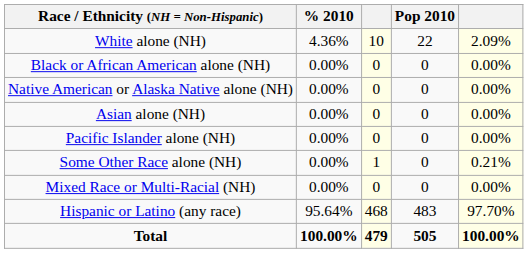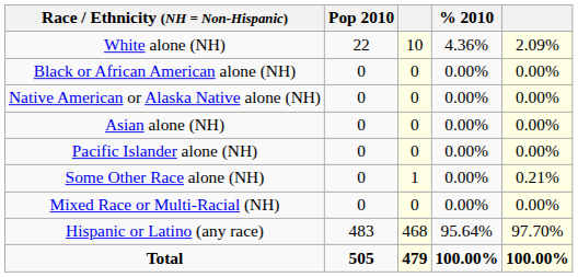 <table class="wikitable" style="text-align:center;">
 <tr>
 <th>Race / Ethnicity <small>(<em>NH = Non-Hispanic</em>)</small></th>
+<th>Pop 2010</th>
+<th></th>
 <th>% 2010</th>
-<th></th>
-<th>Pop 2010</th>
 <th></th>
 </tr>
 <tr>
 <td><a href='#'>White</a> alone (NH)</td>
+<td>22</td>
+<td style='background: #ffffe6;'>10</td>
 <td>4.36%</td>
-<td style='background: #ffffe6;'>10</td>
-<td>22</td>
 <td style='background: #ffffe6;'>2.09%</td>
 </tr>
 <tr>
 <td><a href='#'>Black or African American</a> alone (NH)</td>
+<td>0</td>
+<td style='background: #ffffe6;'>0</td>
 <td>0.00%</td>
-<td style='background: #ffffe6;'>0</td>
-<td>0</td>
 <td style='background: #ffffe6;'>0.00%</td>
 </tr>
 <tr>
 <td><a href='#'>Native American</a> or <a href='#'>Alaska Native</a> alone (NH)</td>
+<td>0</td>
+<td style='background: #ffffe6;'>0</td>
 <td>0.00%</td>
-<td style='background: #ffffe6;'>0</td>
-<td>0</td>
 <td style='background: #ffffe6;'>0.00%</td>
 </tr>
 <tr>
 <td><a href='#'>Asian</a> alone (NH)</td>
+<td>0</td>
+<td style='background: #ffffe6;'>0</td>
 <td>0.00%</td>
-<td style='background: #ffffe6;'>0</td>
-<td>0</td>
 <td style='background: #ffffe6;'>0.00%</td>
 </tr>
 <tr>
 <td><a href='#'>Pacific Islander</a> alone (NH)</td>
+<td>0</td>
+<td style='background: #ffffe6;'>0</td>
 <td>0.00%</td>
-<td style='background: #ffffe6;'>0</td>
-<td>0</td>
 <td style='background: #ffffe6;'>0.00%</td>
 </tr>
 <tr>
 <td><a href='#'>Some Other Race</a> alone (NH)</td>
+<td>0</td>
+<td style='background: #ffffe6;'>1</td>
 <td>0.00%</td>
-<td style='background: #ffffe6;'>1</td>
-<td>0</td>
 <td style='background: #ffffe6;'>0.21%</td>
 </tr>
 <tr>
 <td><a href='#'>Mixed Race or Multi-Racial</a> (NH)</td>
+<td>0</td>
+<td style='background: #ffffe6;'>0</td>
 <td>0.00%</td>
-<td style='background: #ffffe6;'>0</td>
-<td>0</td>
 <td style='background: #ffffe6;'>0.00%</td>
 </tr>
 <tr>
 <td><a href='#'>Hispanic or Latino</a> (any race)</td>
+<td>483</td>
+<td style='background: #ffffe6;'>468</td>
 <td>95.64%</td>
-<td style='background: #ffffe6;'>468</td>
-<td>483</td>
 <td style='background: #ffffe6;'>97.70%</td>
 </tr>
 <tr>
 <td><strong>Total</strong></td>
+<td><strong>505</strong></td>
+<td style='background: #ffffe6;'><strong>479</strong></td>
 <td><strong>100.00%</strong></td>
-<td style='background: #ffffe6;'><strong>479</strong></td>
-<td><strong>505</strong></td>
 <td style='background: #ffffe6;'><strong>100.00%</strong></td>
 </tr>
 </table>
